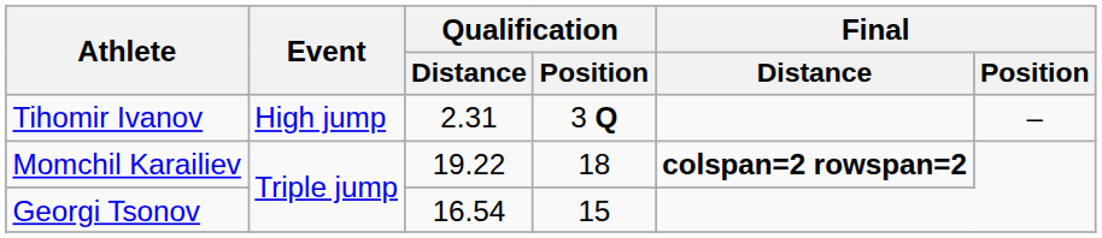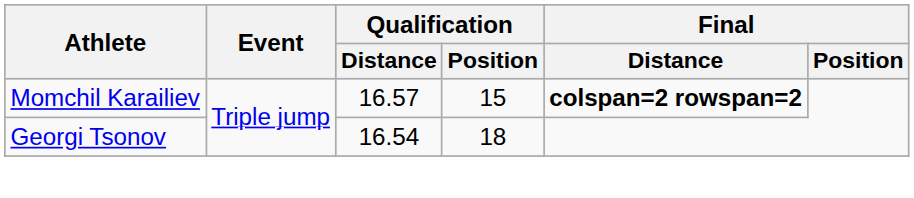 <table class=wikitable style=font-size:90%>
 <tr>
 <th rowspan=2>Athlete</th>
 <th rowspan=2>Event</th>
 <th colspan=2>Qualification</th>
 <th colspan=2>Final</th>
 </tr>
 <tr style=font-size:95%>
 <th>Distance</th>
 <th>Position</th>
 <th>Distance</th>
 <th>Position</th>
 </tr>
 <tr align=center>
-<td align=left><a href='#'>Tihomir Ivanov</a></td>
-<td align=left><a href='#'>High jump</a></td>
-<td>2.31 <strong></strong></td>
-<td>3 <strong>Q</strong></td>
-<td></td>
-<td>–</td>
-</tr>
-<tr align=center>
 <td align=left><a href='#'>Momchil Karailiev</a></td>
 <td align=left rowspan=2><a href='#'>Triple jump</a></td>
-<td>19.22</td>
-<td>18</td>
+<td>16.57</td>
+<td>15</td>
 <td><strong>colspan=2 rowspan=2 </strong></td>
 </tr>
 <tr align=center>
 <td align=left><a href='#'>Georgi Tsonov</a></td>
 <td>16.54</td>
-<td>15</td>
+<td>18</td>
 </tr>
 </table>
